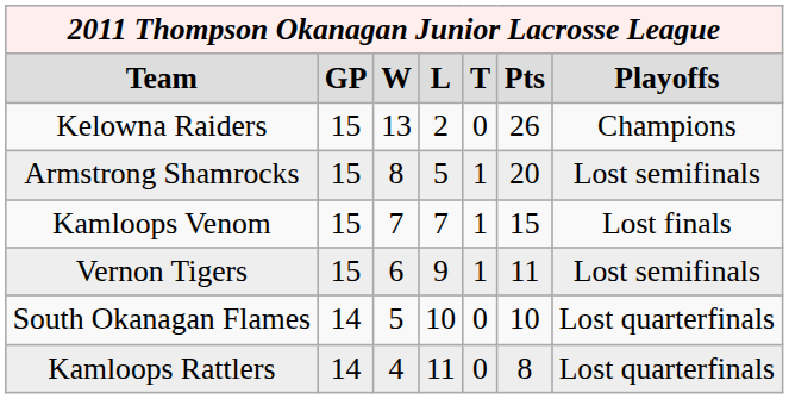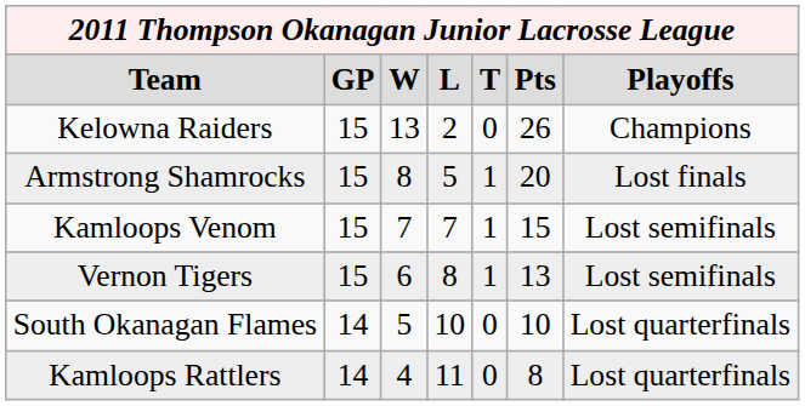 <table class="wikitable">
 <tr align="center" bgcolor="#ffeeee">
 <td colspan="7”"><strong><em>2011 Thompson Okanagan Junior Lacrosse League</em></strong></td>
 </tr>
 <tr align="center"  bgcolor="#dddddd">
 <td><strong>Team </strong></td>
 <td><strong> GP </strong></td>
 <td><strong> W </strong></td>
 <td><strong> L </strong></td>
 <td><strong> T </strong></td>
 <td><strong>Pts</strong></td>
 <td><strong>Playoffs</strong></td>
 </tr>
 <tr align="center">
 <td>Kelowna Raiders</td>
 <td>15</td>
 <td>13</td>
 <td>2</td>
 <td>0</td>
 <td>26</td>
 <td>Champions</td>
 </tr>
 <tr align="center" bgcolor="#eeeeee">
 <td>Armstrong Shamrocks</td>
 <td>15</td>
 <td>8</td>
 <td>5</td>
 <td>1</td>
 <td>20</td>
-<td>Lost semifinals</td>
+<td>Lost finals</td>
 </tr>
 <tr align="center">
 <td>Kamloops Venom</td>
 <td>15</td>
 <td>7</td>
 <td>7</td>
 <td>1</td>
 <td>15</td>
-<td>Lost finals</td>
+<td>Lost semifinals</td>
 </tr>
 <tr align="center" bgcolor="#eeeeee">
 <td>Vernon Tigers</td>
 <td>15</td>
 <td>6</td>
-<td>9</td>
+<td>8</td>
 <td>1</td>
-<td>11</td>
+<td>13</td>
 <td>Lost semifinals</td>
 </tr>
 <tr align="center">
 <td>South Okanagan Flames</td>
 <td>14</td>
 <td>5</td>
 <td>10</td>
 <td>0</td>
 <td>10</td>
 <td>Lost quarterfinals</td>
 </tr>
 <tr align="center" bgcolor="#eeeeee">
 <td>Kamloops Rattlers</td>
 <td>14</td>
 <td>4</td>
 <td>11</td>
 <td>0</td>
 <td>8</td>
 <td>Lost quarterfinals</td>
 </tr>
 </table>
